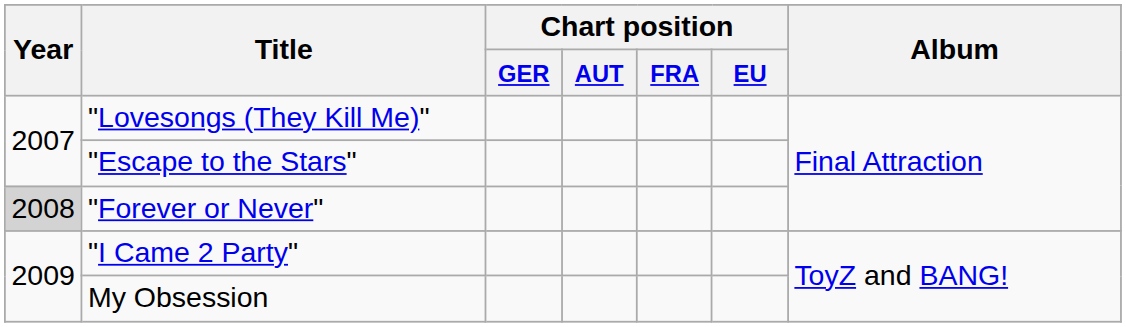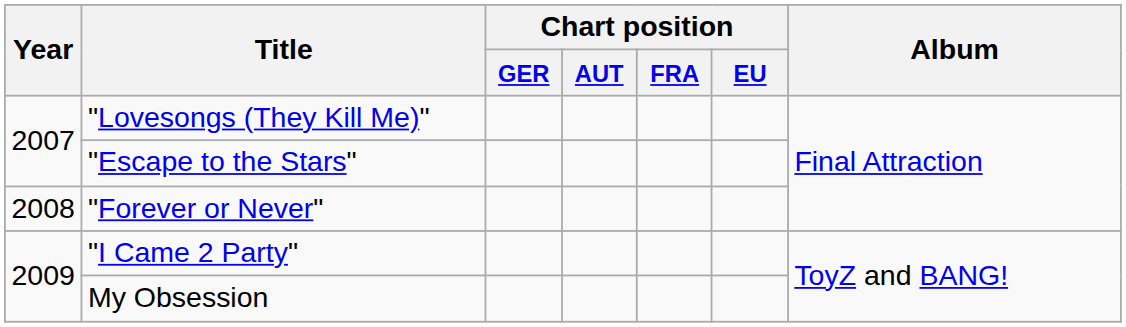 <table class="wikitable">
 <tr>
 <th rowspan="2">Year</th>
 <th rowspan="2" style="width:220px;">Title</th>
 <th colspan="4">Chart position</th>
 <th style="width:180px;" rowspan="2">Album</th>
 </tr>
 <tr>
 <th style="width:35px;"><small><a href='#'>GER</a></small></th>
 <th style="width:35px;"><small><a href='#'>AUT</a></small></th>
 <th style="width:35px;"><small><a href='#'>FRA</a></small></th>
 <th style="width:35px;"><small><a href='#'>EU</a></small></th>
 </tr>
 <tr>
 <td rowspan="2">2007</td>
 <td>"<a href='#'>Lovesongs (They Kill Me)</a>"</td>
 <td></td>
 <td></td>
 <td></td>
 <td></td>
 <td rowspan="3"><a href='#'>Final Attraction</a></td>
 </tr>
 <tr>
 <td>"<a href='#'>Escape to the Stars</a>"</td>
 <td></td>
 <td></td>
 <td></td>
 <td></td>
 </tr>
 <tr>
-<td style="background: lightgrey;">2008</td>
+<td>2008</td>
 <td>"<a href='#'>Forever or Never</a>"</td>
 <td></td>
 <td></td>
 <td></td>
 <td></td>
 </tr>
 <tr>
 <td rowspan="2">2009</td>
 <td>"<a href='#'>I Came 2 Party</a>"</td>
 <td></td>
 <td></td>
 <td></td>
 <td></td>
 <td rowspan="2"><a href='#'>ToyZ</a> and <a href='#'>BANG!</a></td>
 </tr>
 <tr>
 <td>My Obsession</td>
 <td></td>
 <td></td>
 <td></td>
 <td></td>
 </tr>
 </table>
